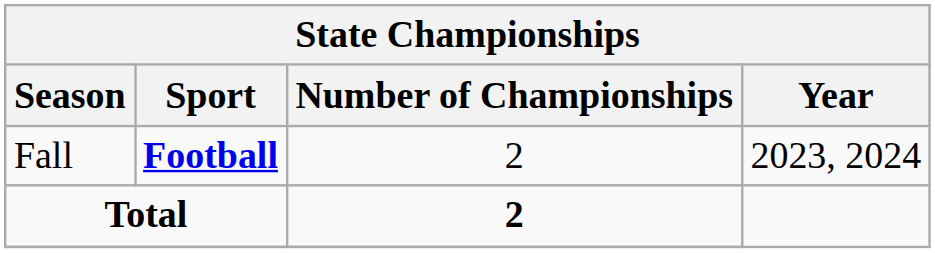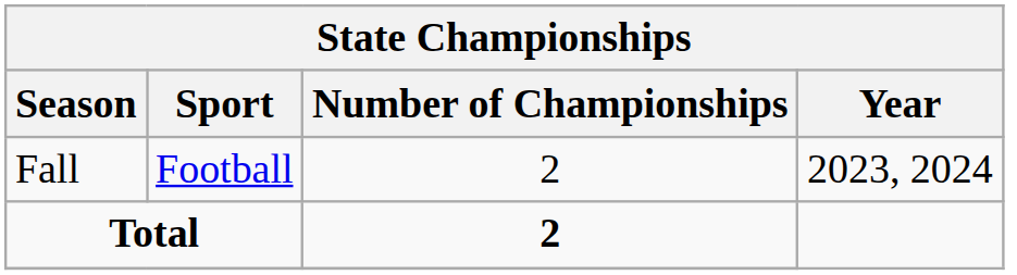 <table class="wikitable">
 <tr>
 <th colspan="4">State Championships</th>
 </tr>
 <tr>
 <th>Season</th>
 <th>Sport</th>
 <th>Number of Championships</th>
 <th>Year</th>
 </tr>
 <tr>
 <td rowspan="1">Fall</td>
-<td><strong><a href='#'>Football</a></strong></td>
+<td><a href='#'>Football</a></td>
 <td align="center">2</td>
 <td>2023, 2024</td>
 </tr>
 <tr>
 <td align="center" colspan="2"><strong>Total</strong></td>
 <td align="center"><strong>2</strong></td>
 </tr>
 <tr>
 </tr>
 </table>
